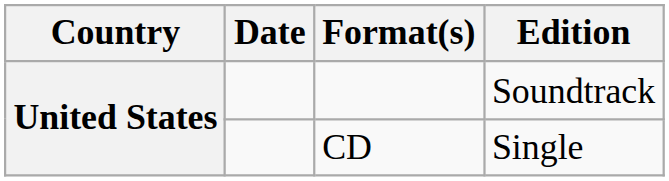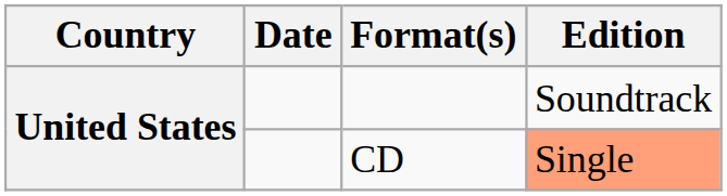 <table class="wikitable plainrowheaders">
 <tr>
 <th>Country</th>
 <th>Date</th>
 <th>Format(s)</th>
 <th>Edition</th>
 </tr>
 <tr>
 <th scope="row" rowspan="2">United States</th>
 <td></td>
 <td></td>
 <td>Soundtrack</td>
 </tr>
 <tr>
 <td></td>
 <td>CD</td>
-<td>Single</td>
+<td style="background: lightsalmon;">Single</td>
 </tr>
 </table>
